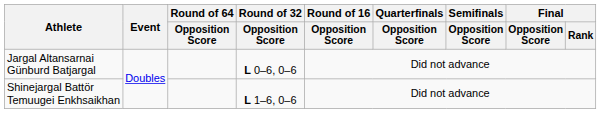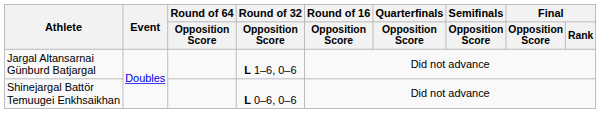 <table class=wikitable style="font-size:90%; text-align:center;">
 <tr>
 <th rowspan="2">Athlete</th>
 <th rowspan="2">Event</th>
 <th>Round of 64</th>
 <th>Round of 32</th>
 <th>Round of 16</th>
 <th>Quarterfinals</th>
 <th>Semifinals</th>
 <th colspan=2>Final</th>
 </tr>
 <tr style="font-size:95%">
 <th>Opposition<br>Score</th>
 <th>Opposition<br>Score</th>
 <th>Opposition<br>Score</th>
 <th>Opposition<br>Score</th>
 <th>Opposition<br>Score</th>
 <th>Opposition<br>Score</th>
 <th>Rank</th>
 </tr>
 <tr>
 <td align=left>Jargal Altansarnai<br>Günburd Batjargal</td>
 <td align=left rowspan=2><a href='#'>Doubles</a></td>
 <td></td>
-<td><br><strong>L</strong> 0–6, 0–6</td>
+<td><br><strong>L</strong> 1–6, 0–6</td>
 <td colspan=5>Did not advance</td>
 </tr>
 <tr>
 <td align=left>Shinejargal Battör<br>Temuugei Enkhsaikhan</td>
 <td></td>
-<td><br><strong>L</strong> 1–6, 0–6</td>
+<td><br><strong>L</strong> 0–6, 0–6</td>
 <td colspan=5>Did not advance</td>
 </tr>
 </table>
